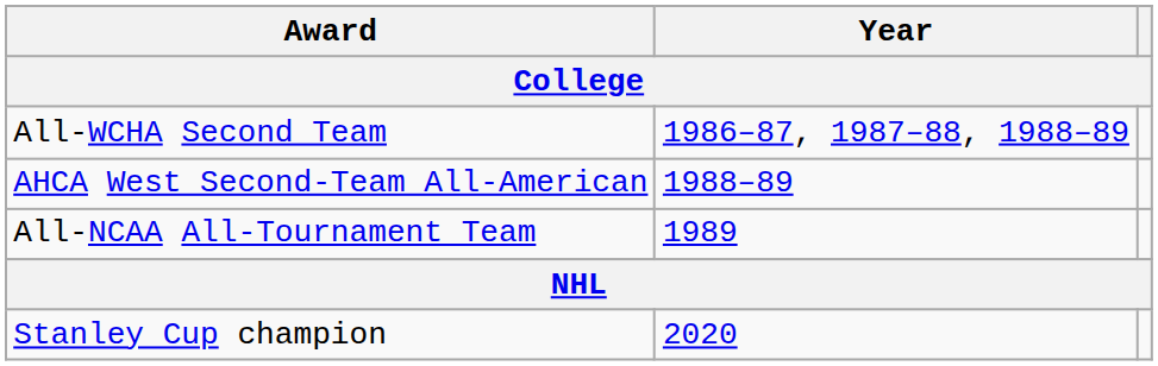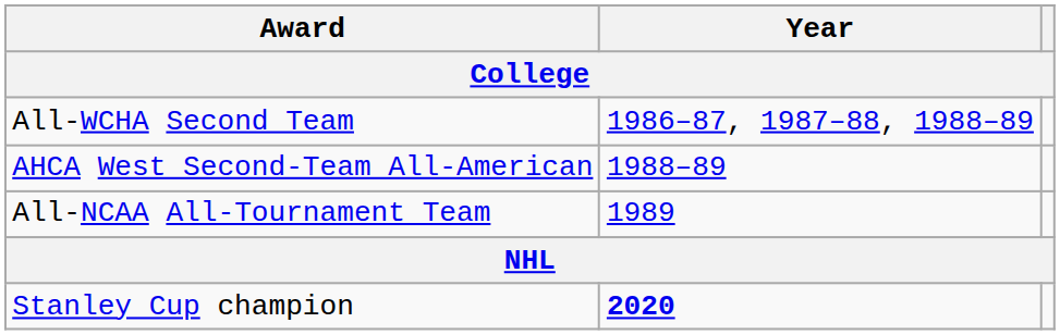 <table class="wikitable">
 <tr>
 <th>Award</th>
 <th>Year</th>
 <th></th>
 </tr>
 <tr>
 <th colspan="3"><a href='#'>College</a></th>
 </tr>
 <tr>
 <td>All-<a href='#'>WCHA</a> <a href='#'>Second Team</a></td>
 <td><a href='#'>1986–87</a>, <a href='#'>1987–88</a>, <a href='#'>1988–89</a></td>
 <td></td>
 </tr>
 <tr>
 <td><a href='#'>AHCA</a> <a href='#'>West Second-Team All-American</a></td>
 <td><a href='#'>1988–89</a></td>
 <td></td>
 </tr>
 <tr>
 <td>All-<a href='#'>NCAA</a> <a href='#'>All-Tournament Team</a></td>
 <td><a href='#'>1989</a></td>
 <td></td>
 </tr>
 <tr>
 <th colspan="3"><a href='#'>NHL</a></th>
 </tr>
 <tr>
 <td><a href='#'>Stanley Cup</a> champion</td>
-<td><a href='#'>2020</a></td>
+<td><strong><a href='#'>2020</a></strong></td>
 <td></td>
 </tr>
 </table>
